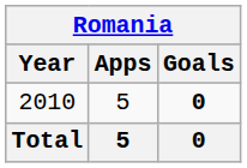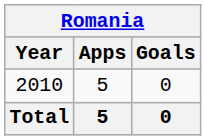 <table class="wikitable" style="text-align:center">
 <tr>
 <th colspan=3><a href='#'>Romania</a></th>
 </tr>
 <tr>
 <th>Year</th>
 <th>Apps</th>
 <th>Goals</th>
 </tr>
 <tr>
 <td>2010</td>
 <td>5</td>
-<td><strong>0</strong></td>
+<td>0</td>
 </tr>
 <tr>
 <th>Total</th>
 <th>5</th>
 <th>0</th>
 </tr>
 </table>
